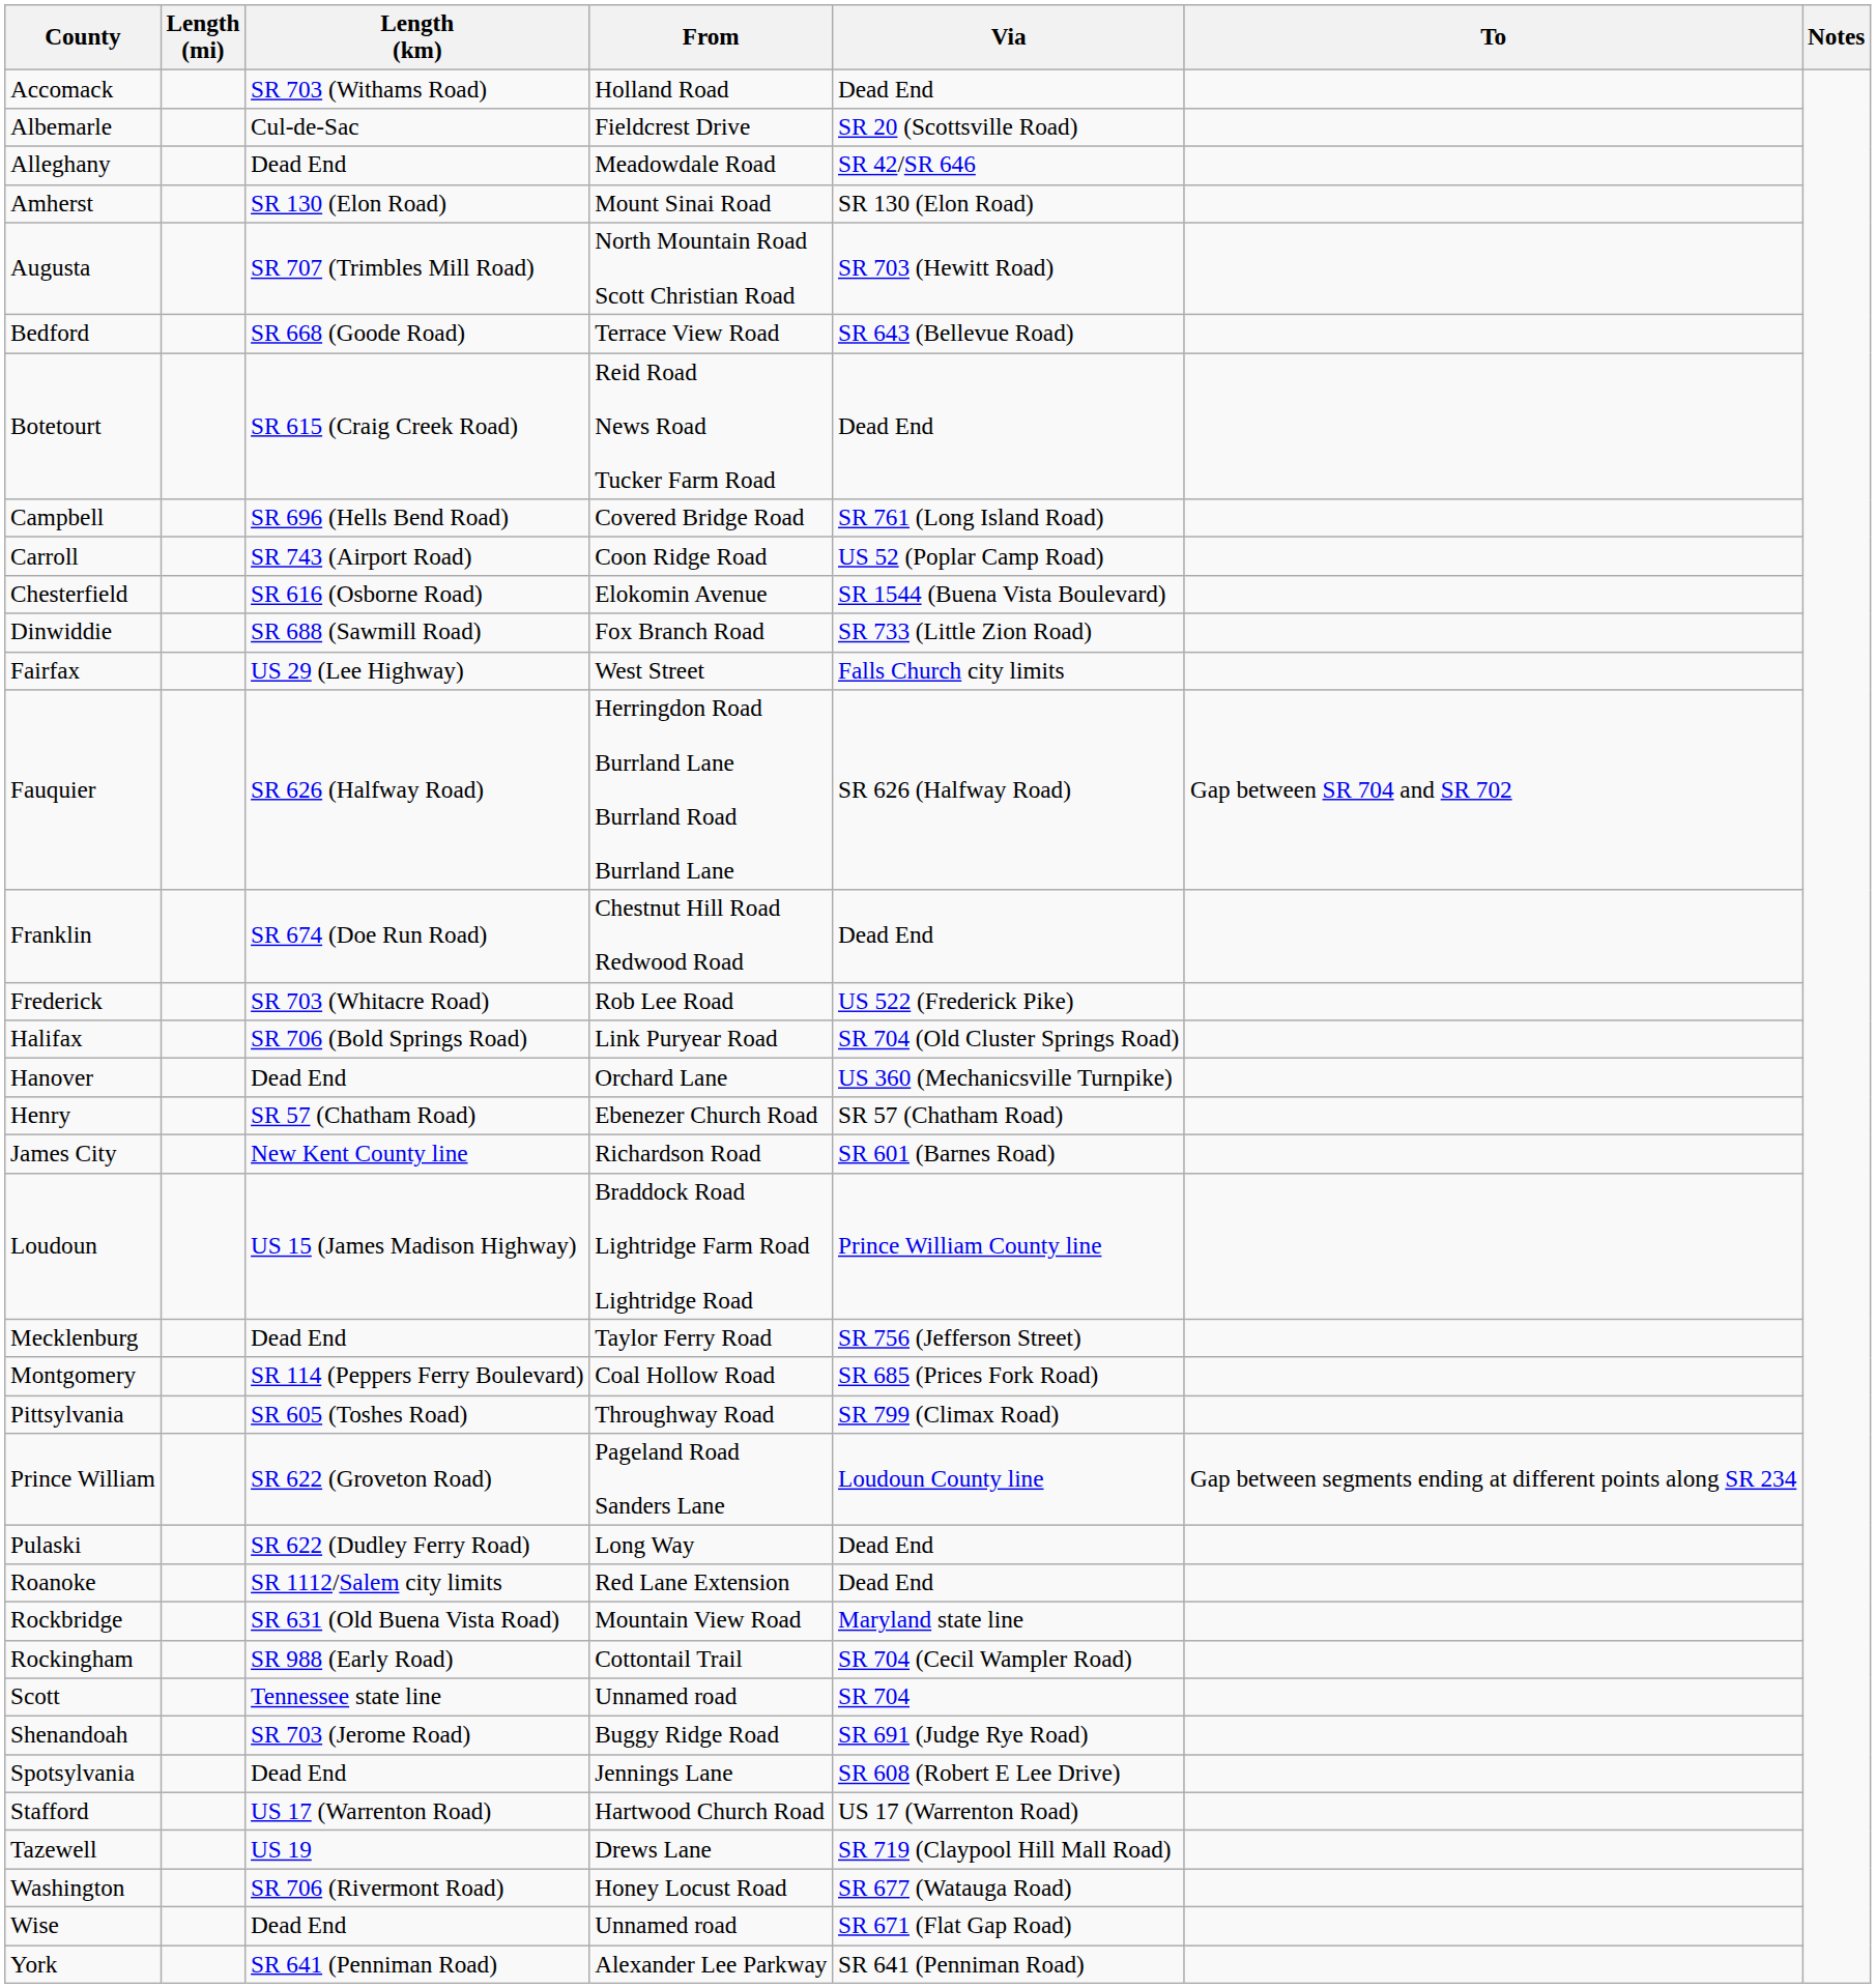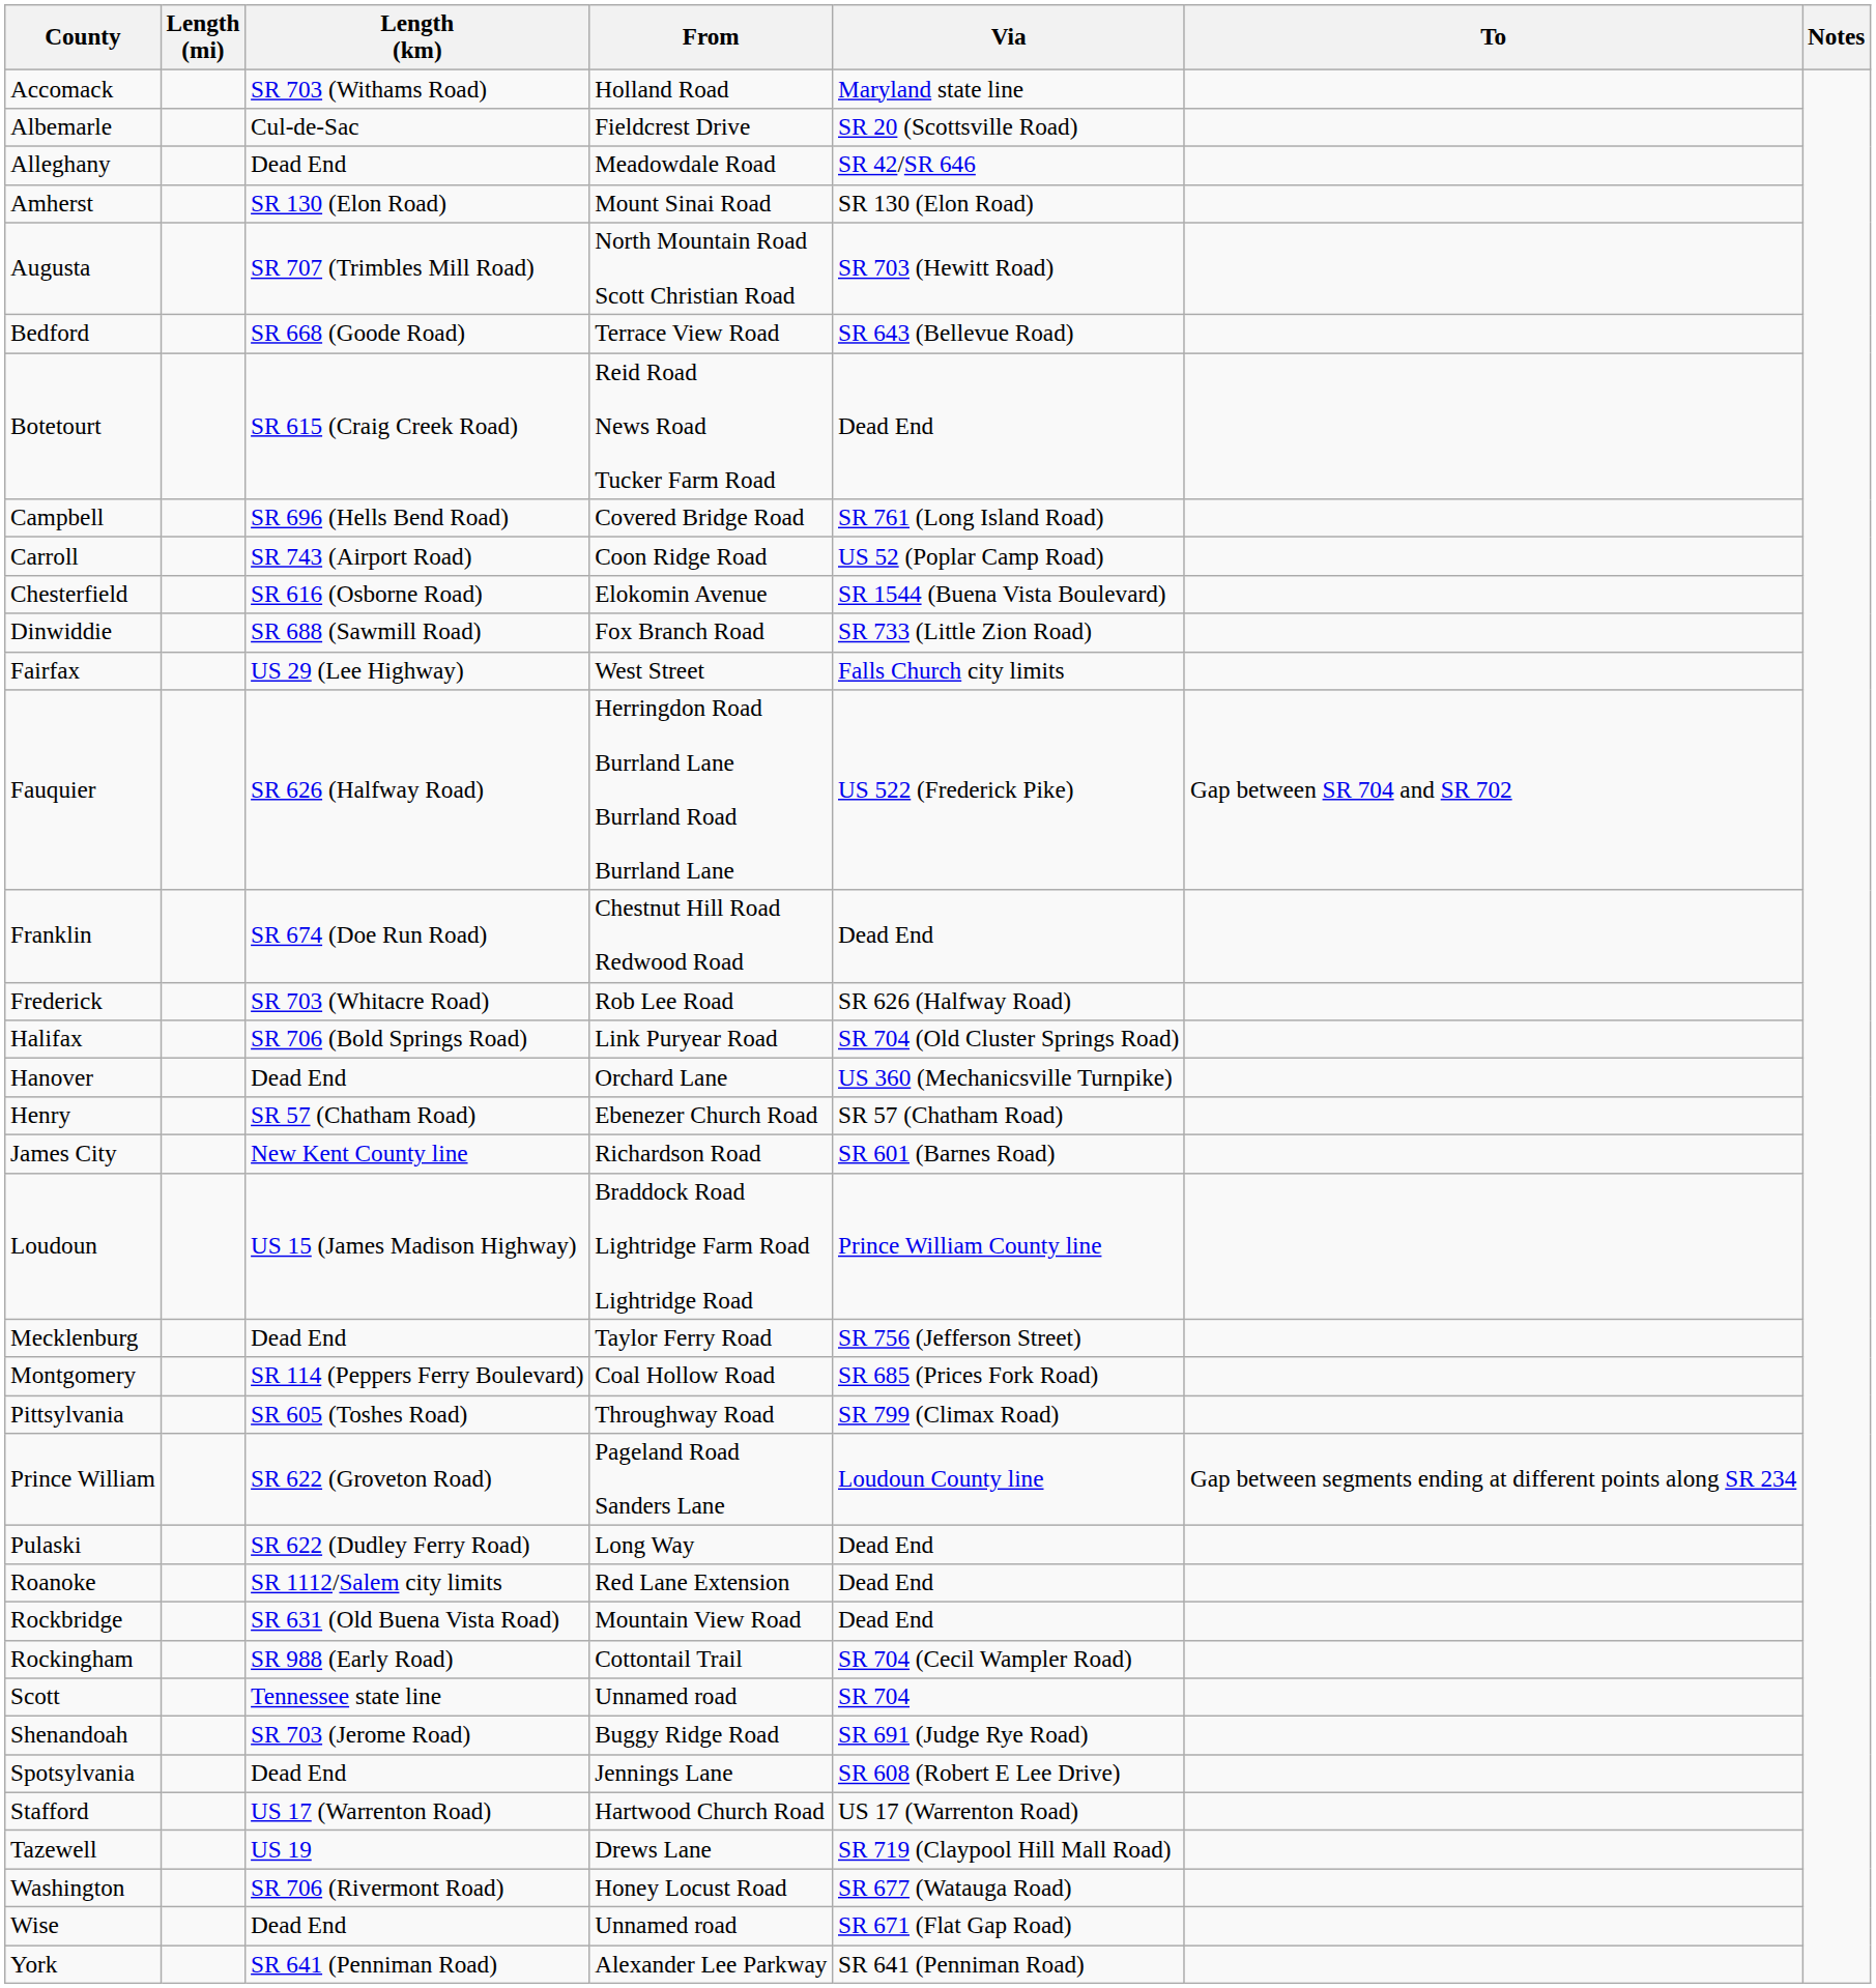 <table class="wikitable sortable">
 <tr>
 <th>County</th>
 <th>Length<br>(mi)</th>
 <th>Length<br>(km)</th>
 <th class="unsortable">From</th>
 <th class="unsortable">Via</th>
 <th class="unsortable">To</th>
 <th class="unsortable">Notes</th>
 </tr>
 <tr>
 <td id="Accomack">Accomack</td>
 <td></td>
 <td><a href='#'>SR 703</a> (Withams Road)</td>
 <td>Holland Road</td>
-<td>Dead End</td>
+<td><a href='#'>Maryland</a> state line</td>
 <td></td>
 </tr>
 <tr>
 <td id="Albemarle">Albemarle</td>
 <td></td>
 <td>Cul-de-Sac</td>
 <td>Fieldcrest Drive</td>
 <td><a href='#'>SR 20</a> (Scottsville Road)</td>
 <td></td>
 </tr>
 <tr>
 <td id="Alleghany">Alleghany</td>
 <td></td>
 <td>Dead End</td>
 <td>Meadowdale Road</td>
 <td><a href='#'>SR 42</a>/<a href='#'>SR 646</a></td>
 <td><br></td>
 </tr>
 <tr>
 <td id="Amherst">Amherst</td>
 <td></td>
 <td><a href='#'>SR 130</a> (Elon Road)</td>
 <td>Mount Sinai Road</td>
 <td>SR 130 (Elon Road)</td>
 <td><br> </td>
 </tr>
 <tr>
 <td id="Augusta">Augusta</td>
 <td></td>
 <td><a href='#'>SR 707</a> (Trimbles Mill Road)</td>
 <td>North Mountain Road<br><br>Scott Christian Road</td>
 <td><a href='#'>SR 703</a> (Hewitt Road)</td>
 <td><br></td>
 </tr>
 <tr>
 <td id="Bedford">Bedford</td>
 <td></td>
 <td><a href='#'>SR 668</a> (Goode Road)</td>
 <td>Terrace View Road</td>
 <td><a href='#'>SR 643</a> (Bellevue Road)</td>
 <td><br></td>
 </tr>
 <tr>
 <td id="Botetourt">Botetourt</td>
 <td></td>
 <td><a href='#'>SR 615</a> (Craig Creek Road)</td>
 <td>Reid Road<br><br>News Road<br><br>Tucker Farm Road</td>
 <td>Dead End</td>
 <td><br>  </td>
 </tr>
 <tr>
 <td id="Campbell">Campbell</td>
 <td></td>
 <td><a href='#'>SR 696</a> (Hells Bend Road)</td>
 <td>Covered Bridge Road</td>
 <td><a href='#'>SR 761</a> (Long Island Road)</td>
 <td><br></td>
 </tr>
 <tr>
 <td id="Carroll">Carroll</td>
 <td></td>
 <td><a href='#'>SR 743</a> (Airport Road)</td>
 <td>Coon Ridge Road</td>
 <td><a href='#'>US 52</a> (Poplar Camp Road)</td>
 <td><br> </td>
 </tr>
 <tr>
 <td id="Chesterfield">Chesterfield</td>
 <td></td>
 <td><a href='#'>SR 616</a> (Osborne Road)</td>
 <td>Elokomin Avenue</td>
 <td><a href='#'>SR 1544</a> (Buena Vista Boulevard)</td>
 <td><br>    </td>
 </tr>
 <tr>
 <td id="Dinwiddie">Dinwiddie</td>
 <td></td>
 <td><a href='#'>SR 688</a> (Sawmill Road)</td>
 <td>Fox Branch Road</td>
 <td><a href='#'>SR 733</a> (Little Zion Road)</td>
 <td><br></td>
 </tr>
 <tr>
 <td id="Fairfax">Fairfax</td>
 <td></td>
 <td><a href='#'>US 29</a> (Lee Highway)</td>
 <td>West Street</td>
 <td><a href='#'>Falls Church</a> city limits</td>
 <td></td>
 </tr>
 <tr>
 <td id="Fauquier">Fauquier</td>
 <td></td>
 <td><a href='#'>SR 626</a> (Halfway Road)</td>
 <td>Herringdon Road<br><br>Burrland Lane<br><br>Burrland Road<br><br>Burrland Lane</td>
-<td>SR 626 (Halfway Road)</td>
+<td><a href='#'>US 522</a> (Frederick Pike)</td>
 <td>Gap between <a href='#'>SR 704</a> and <a href='#'>SR 702</a><br> </td>
 </tr>
 <tr>
 <td id="Franklin">Franklin</td>
 <td></td>
 <td><a href='#'>SR 674</a> (Doe Run Road)</td>
 <td>Chestnut Hill Road<br><br>Redwood Road</td>
 <td>Dead End</td>
 <td></td>
 </tr>
 <tr>
 <td id="Frederick">Frederick</td>
 <td></td>
 <td><a href='#'>SR 703</a> (Whitacre Road)</td>
 <td>Rob Lee Road</td>
-<td><a href='#'>US 522</a> (Frederick Pike)</td>
+<td>SR 626 (Halfway Road)</td>
 <td><br>     </td>
 </tr>
 <tr>
 <td id="Halifax">Halifax</td>
 <td></td>
 <td><a href='#'>SR 706</a> (Bold Springs Road)</td>
 <td>Link Puryear Road</td>
 <td><a href='#'>SR 704</a> (Old Cluster Springs Road)</td>
 <td></td>
 </tr>
 <tr>
 <td id="Hanover">Hanover</td>
 <td></td>
 <td>Dead End</td>
 <td>Orchard Lane</td>
 <td><a href='#'>US 360</a> (Mechanicsville Turnpike)</td>
 <td><br></td>
 </tr>
 <tr>
 <td id="Henry">Henry</td>
 <td></td>
 <td><a href='#'>SR 57</a> (Chatham Road)</td>
 <td>Ebenezer Church Road</td>
 <td>SR 57 (Chatham Road)</td>
 <td><br> </td>
 </tr>
 <tr>
 <td id="James City">James City</td>
 <td></td>
 <td><a href='#'>New Kent County line</a></td>
 <td>Richardson Road</td>
 <td><a href='#'>SR 601</a> (Barnes Road)</td>
 <td><br>    </td>
 </tr>
 <tr>
 <td id="Loudoun">Loudoun</td>
 <td></td>
 <td><a href='#'>US 15</a> (James Madison Highway)</td>
 <td>Braddock Road<br><br>Lightridge Farm Road<br><br>Lightridge Road</td>
 <td><a href='#'>Prince William County line</a></td>
 <td><br>   </td>
 </tr>
 <tr>
 <td id="Mecklenburg">Mecklenburg</td>
 <td></td>
 <td>Dead End</td>
 <td>Taylor Ferry Road</td>
 <td><a href='#'>SR 756</a> (Jefferson Street)</td>
 <td><br></td>
 </tr>
 <tr>
 <td id="Montgomery">Montgomery</td>
 <td></td>
 <td><a href='#'>SR 114</a> (Peppers Ferry Boulevard)</td>
 <td>Coal Hollow Road</td>
 <td><a href='#'>SR 685</a> (Prices Fork Road)</td>
 <td><br>       </td>
 </tr>
 <tr>
 <td id="Pittsylvania">Pittsylvania</td>
 <td></td>
 <td><a href='#'>SR 605</a> (Toshes Road)</td>
 <td>Throughway Road</td>
 <td><a href='#'>SR 799</a> (Climax Road)</td>
 <td><br>  </td>
 </tr>
 <tr>
 <td id="Prince William">Prince William</td>
 <td></td>
 <td><a href='#'>SR 622</a> (Groveton Road)</td>
 <td>Pageland Road<br><br>Sanders Lane</td>
 <td><a href='#'>Loudoun County line</a></td>
 <td>Gap between segments ending at different points along <a href='#'>SR 234</a></td>
 </tr>
 <tr>
 <td id="Pulaski">Pulaski</td>
 <td></td>
 <td><a href='#'>SR 622</a> (Dudley Ferry Road)</td>
 <td>Long Way</td>
 <td>Dead End</td>
 <td><br> </td>
 </tr>
 <tr>
 <td id="Roanoke">Roanoke</td>
 <td></td>
 <td><a href='#'>SR 1112</a>/<a href='#'>Salem</a> city limits</td>
 <td>Red Lane Extension</td>
 <td>Dead End</td>
 <td></td>
 </tr>
 <tr>
 <td id="Rockbridge">Rockbridge</td>
 <td></td>
 <td><a href='#'>SR 631</a> (Old Buena Vista Road)</td>
 <td>Mountain View Road</td>
-<td><a href='#'>Maryland</a> state line</td>
+<td>Dead End</td>
 <td></td>
 </tr>
 <tr>
 <td id="Rockingham">Rockingham</td>
 <td></td>
 <td><a href='#'>SR 988</a> (Early Road)</td>
 <td>Cottontail Trail</td>
 <td><a href='#'>SR 704</a> (Cecil Wampler Road)</td>
 <td><br></td>
 </tr>
 <tr>
 <td id="Scott">Scott</td>
 <td></td>
 <td><a href='#'>Tennessee</a> state line</td>
 <td>Unnamed road</td>
 <td><a href='#'>SR 704</a></td>
 <td></td>
 </tr>
 <tr>
 <td id="Shenandoah">Shenandoah</td>
 <td></td>
 <td><a href='#'>SR 703</a> (Jerome Road)</td>
 <td>Buggy Ridge Road</td>
 <td><a href='#'>SR 691</a> (Judge Rye Road)</td>
 <td><br> </td>
 </tr>
 <tr>
 <td id="Spotsylvania">Spotsylvania</td>
 <td></td>
 <td>Dead End</td>
 <td>Jennings Lane</td>
 <td><a href='#'>SR 608</a> (Robert E Lee Drive)</td>
 <td></td>
 </tr>
 <tr>
 <td id="Stafford">Stafford</td>
 <td></td>
 <td><a href='#'>US 17</a> (Warrenton Road)</td>
 <td>Hartwood Church Road</td>
 <td>US 17 (Warrenton Road)</td>
 <td><br> </td>
 </tr>
 <tr>
 <td id="Tazewell">Tazewell</td>
 <td></td>
 <td><a href='#'>US 19</a></td>
 <td>Drews Lane</td>
 <td><a href='#'>SR 719</a> (Claypool Hill Mall Road)</td>
 <td><br></td>
 </tr>
 <tr>
 <td id="Washington">Washington</td>
 <td></td>
 <td><a href='#'>SR 706</a> (Rivermont Road)</td>
 <td>Honey Locust Road</td>
 <td><a href='#'>SR 677</a> (Watauga Road)</td>
 <td><br></td>
 </tr>
 <tr>
 <td id="Wise">Wise</td>
 <td></td>
 <td>Dead End</td>
 <td>Unnamed road</td>
 <td><a href='#'>SR 671</a> (Flat Gap Road)</td>
 <td><br></td>
 </tr>
 <tr>
 <td id="York">York</td>
 <td></td>
 <td><a href='#'>SR 641</a> (Penniman Road)</td>
 <td>Alexander Lee Parkway</td>
 <td>SR 641 (Penniman Road)</td>
 <td></td>
 </tr>
 </table>
